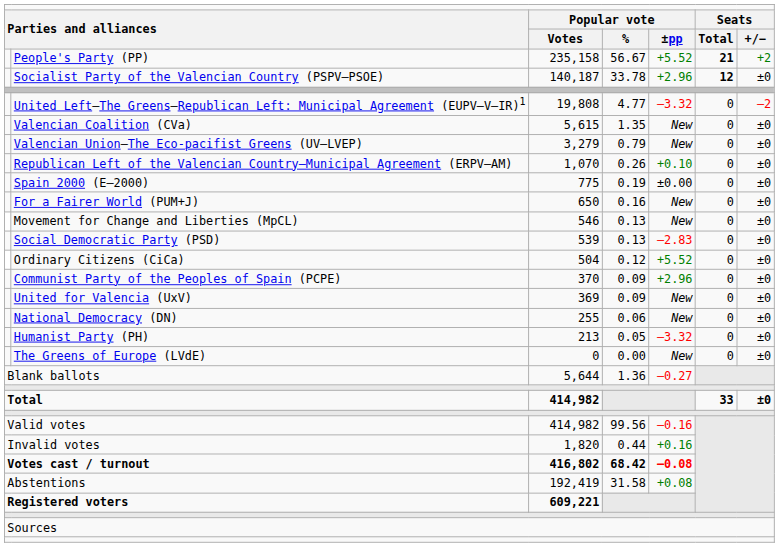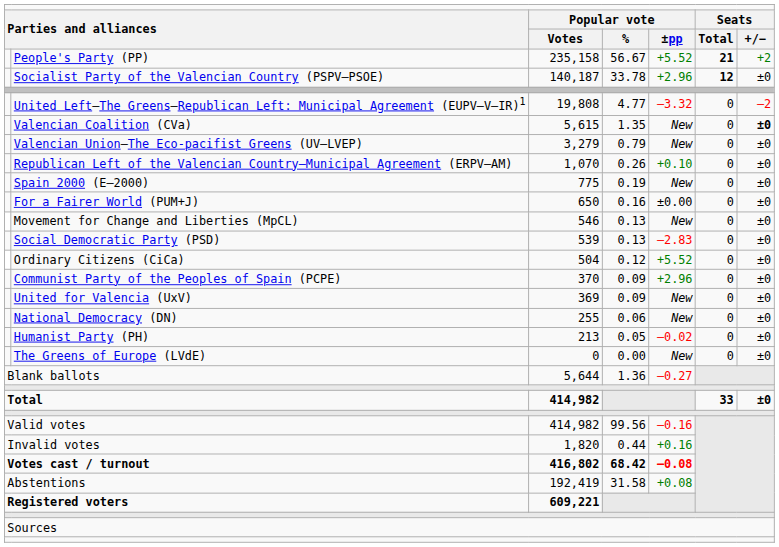 <table class="wikitable" style="text-align:right;">
 <tr>
 <td colspan="7"></td>
 </tr>
 <tr>
 <th style="text-align:left;" rowspan="2" colspan="2" width="525">Parties and alliances</th>
 <th colspan="3">Popular vote</th>
 <th colspan="2">Seats</th>
 </tr>
 <tr>
 <th width="75">Votes</th>
 <th width="45">%</th>
 <th width="45">±<a href='#'>pp</a></th>
 <th width="35">Total</th>
 <th width="35">+/−</th>
 </tr>
 <tr>
 <td width="1" style="color:inherit;background:"></td>
 <td align="left"><a href='#'>People's Party</a> (PP)</td>
 <td>235,158</td>
 <td>56.67</td>
 <td style="color:green;">+5.52</td>
 <td><strong>21</strong></td>
 <td style="color:green;">+2</td>
 </tr>
 <tr>
 <td style="color:inherit;background:"></td>
 <td align="left"><a href='#'>Socialist Party of the Valencian Country</a> (PSPV–PSOE)</td>
 <td>140,187</td>
 <td>33.78</td>
 <td style="color:green;">+2.96</td>
 <td><strong>12</strong></td>
 <td>±0</td>
 </tr>
 <tr>
 <td colspan="7" bgcolor="#C0C0C0"></td>
 </tr>
 <tr>
 <td style="color:inherit;background:"></td>
 <td align="left"><a href='#'>United Left</a>–<a href='#'>The Greens</a>–<a href='#'>Republican Left: Municipal Agreement</a> (EUPV–V–IR)<sup>1</sup></td>
 <td>19,808</td>
 <td>4.77</td>
 <td style="color:red;">–3.32</td>
 <td>0</td>
 <td style="color:red;">–2</td>
 </tr>
 <tr>
 <td style="color:inherit;background:"></td>
 <td align="left"><a href='#'>Valencian Coalition</a> (CVa)</td>
 <td>5,615</td>
 <td>1.35</td>
 <td><em>New</em></td>
 <td>0</td>
-<td>±0</td>
+<td><strong>±0</strong></td>
 </tr>
 <tr>
 <td style="color:inherit;background:"></td>
 <td align="left"><a href='#'>Valencian Union</a>–<a href='#'>The Eco-pacifist Greens</a> (UV–LVEP)</td>
 <td>3,279</td>
 <td>0.79</td>
 <td><em>New</em></td>
 <td>0</td>
 <td>±0</td>
 </tr>
 <tr>
 <td style="color:inherit;background:"></td>
 <td align="left"><a href='#'>Republican Left of the Valencian Country–Municipal Agreement</a> (ERPV–AM)</td>
 <td>1,070</td>
 <td>0.26</td>
 <td style="color:green;">+0.10</td>
 <td>0</td>
 <td>±0</td>
 </tr>
 <tr>
 <td style="color:inherit;background:"></td>
 <td align="left"><a href='#'>Spain 2000</a> (E–2000)</td>
 <td>775</td>
 <td>0.19</td>
-<td>±0.00</td>
+<td><em>New</em></td>
 <td>0</td>
 <td>±0</td>
 </tr>
 <tr>
 <td style="color:inherit;background:"></td>
 <td align="left"><a href='#'>For a Fairer World</a> (PUM+J)</td>
 <td>650</td>
 <td>0.16</td>
-<td><em>New</em></td>
+<td>±0.00</td>
 <td>0</td>
 <td>±0</td>
 </tr>
 <tr>
 <td bgcolor="white"></td>
 <td align="left">Movement for Change and Liberties (MpCL)</td>
 <td>546</td>
 <td>0.13</td>
 <td><em>New</em></td>
 <td>0</td>
 <td>±0</td>
 </tr>
 <tr>
 <td style="color:inherit;background:"></td>
 <td align="left"><a href='#'>Social Democratic Party</a> (PSD)</td>
 <td>539</td>
 <td>0.13</td>
 <td style="color:red;">–2.83</td>
 <td>0</td>
 <td>±0</td>
 </tr>
 <tr>
 <td bgcolor="white"></td>
 <td align="left">Ordinary Citizens (CiCa)</td>
 <td>504</td>
 <td>0.12</td>
 <td style="color:green;">+5.52</td>
 <td>0</td>
 <td>±0</td>
 </tr>
 <tr>
 <td style="color:inherit;background:"></td>
 <td align="left"><a href='#'>Communist Party of the Peoples of Spain</a> (PCPE)</td>
 <td>370</td>
 <td>0.09</td>
 <td style="color:green;">+2.96</td>
 <td>0</td>
 <td>±0</td>
 </tr>
 <tr>
 <td style="color:inherit;background:"></td>
 <td align="left"><a href='#'>United for Valencia</a> (UxV)</td>
 <td>369</td>
 <td>0.09</td>
 <td><em>New</em></td>
 <td>0</td>
 <td>±0</td>
 </tr>
 <tr>
 <td style="color:inherit;background:"></td>
 <td align="left"><a href='#'>National Democracy</a> (DN)</td>
 <td>255</td>
 <td>0.06</td>
 <td><em>New</em></td>
 <td>0</td>
 <td>±0</td>
 </tr>
 <tr>
 <td style="color:inherit;background:"></td>
 <td align="left"><a href='#'>Humanist Party</a> (PH)</td>
 <td>213</td>
 <td>0.05</td>
-<td style="color:red;">–3.32</td>
+<td style="color:red;">–0.02</td>
 <td>0</td>
 <td>±0</td>
 </tr>
 <tr>
 <td style="color:inherit;background:"></td>
 <td align="left"><a href='#'>The Greens of Europe</a> (LVdE)</td>
 <td>0</td>
 <td>0.00</td>
 <td><em>New</em></td>
 <td>0</td>
 <td>±0</td>
 </tr>
 <tr>
 <td align="left" colspan="2">Blank ballots</td>
 <td>5,644</td>
 <td>1.36</td>
 <td style="color:red;">–0.27</td>
 <td bgcolor="#E9E9E9" colspan="2"></td>
 </tr>
 <tr>
 <td colspan="7" bgcolor="#E9E9E9"></td>
 </tr>
 <tr style="font-weight:bold;">
 <td align="left" colspan="2">Total</td>
 <td>414,982</td>
 <td bgcolor="#E9E9E9" colspan="2"></td>
 <td>33</td>
 <td>±0</td>
 </tr>
 <tr>
 <td colspan="7" bgcolor="#E9E9E9"></td>
 </tr>
 <tr>
 <td align="left" colspan="2">Valid votes</td>
 <td>414,982</td>
 <td>99.56</td>
 <td style="color:red;">–0.16</td>
 <td bgcolor="#E9E9E9" colspan="2" rowspan="5"></td>
 </tr>
 <tr>
 <td align="left" colspan="2">Invalid votes</td>
 <td>1,820</td>
 <td>0.44</td>
 <td style="color:green;">+0.16</td>
 </tr>
 <tr style="font-weight:bold;">
 <td align="left" colspan="2">Votes cast / turnout</td>
 <td>416,802</td>
 <td>68.42</td>
 <td style="color:red;">–0.08</td>
 </tr>
 <tr>
 <td align="left" colspan="2">Abstentions</td>
 <td>192,419</td>
 <td>31.58</td>
 <td style="color:green;">+0.08</td>
 </tr>
 <tr style="font-weight:bold;">
 <td align="left" colspan="2">Registered voters</td>
 <td>609,221</td>
 <td bgcolor="#E9E9E9" colspan="2"></td>
 </tr>
 <tr>
 <td colspan="7" bgcolor="#E9E9E9"></td>
 </tr>
 <tr>
 <td align="left" colspan="7">Sources</td>
 </tr>
 <tr>
 <td colspan="7" style="text-align:left; max-width:790px;"></td>
 </tr>
 </table>
